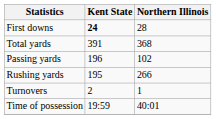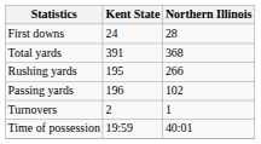 <table class="wikitable">
 <tr>
 <th>Statistics</th>
 <th>Kent State</th>
 <th>Northern Illinois</th>
 </tr>
 <tr>
 <td>First downs</td>
-<td><strong>24</strong></td>
+<td>24</td>
 <td>28</td>
 </tr>
 <tr>
 <td>Total yards</td>
 <td>391</td>
 <td>368</td>
 </tr>
 <tr>
+<td>Rushing yards</td>
+<td>195</td>
+<td>266</td>
+</tr>
+<tr>
 <td>Passing yards</td>
 <td>196</td>
 <td>102</td>
-</tr>
-<tr>
-<td>Rushing yards</td>
-<td>195</td>
-<td>266</td>
 </tr>
 <tr>
 <td>Turnovers</td>
 <td>2</td>
 <td>1</td>
 </tr>
 <tr>
 <td>Time of possession</td>
 <td>19:59</td>
 <td>40:01</td>
 </tr>
 <tr>
 </tr>
 </table>
